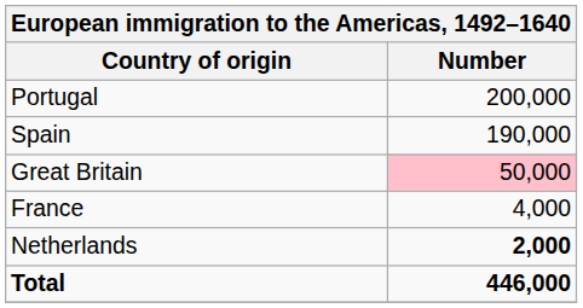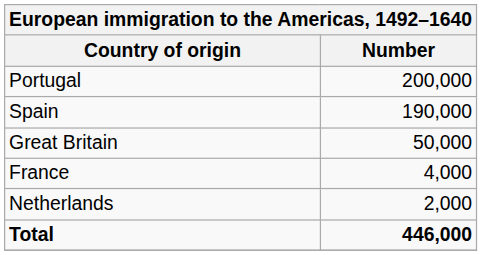 <table class="wikitable sortable" style="text-align:right">
 <tr>
 <th colspan="4">European immigration to the Americas, 1492–1640</th>
 </tr>
 <tr>
 <th>Country of origin</th>
 <th>Number</th>
 </tr>
 <tr>
 <td align="left">Portugal</td>
 <td>200,000</td>
 </tr>
 <tr>
 <td align="left">Spain</td>
 <td>190,000</td>
 </tr>
 <tr>
 <td align="left">Great Britain</td>
-<td style="background: pink;">50,000</td>
+<td>50,000</td>
 </tr>
 <tr>
 <td align="left">France</td>
 <td>4,000</td>
 </tr>
 <tr>
 <td align="left">Netherlands</td>
-<td><strong>2,000</strong></td>
+<td>2,000</td>
 </tr>
 <tr>
 <td align="left"><strong>Total</strong></td>
 <td><strong>446,000</strong></td>
 </tr>
 <tr>
 </tr>
 </table>
